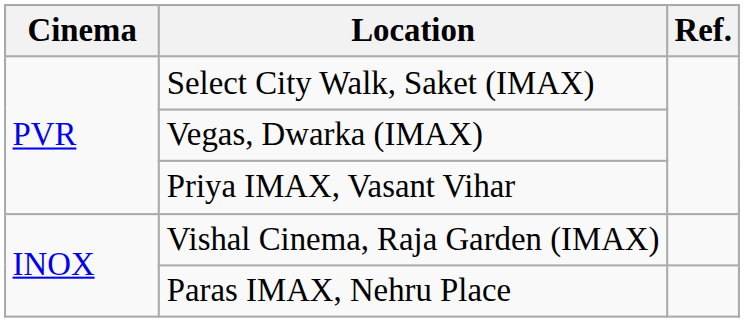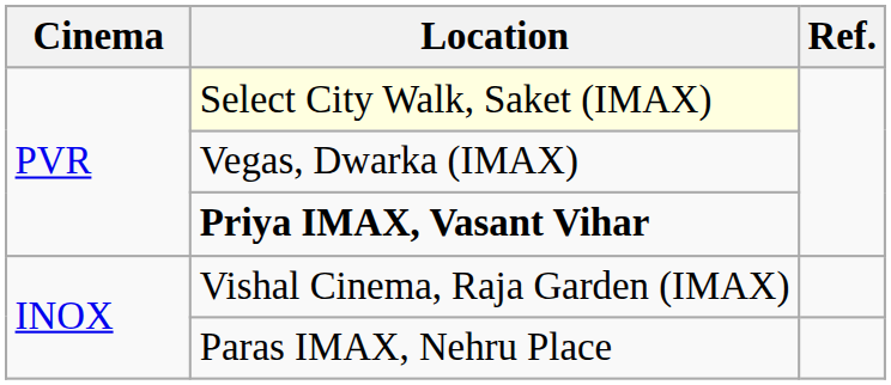 <table class="wikitable">
 <tr>
 <th width="21%">Cinema</th>
 <th>Location</th>
 <th>Ref.</th>
 </tr>
 <tr>
 <td Rowspan="3"><a href='#'>PVR</a></td>
-<td>Select City Walk, Saket (IMAX)</td>
+<td style="background: lightyellow;">Select City Walk, Saket (IMAX)</td>
 <td Rowspan="3"></td>
 </tr>
 <tr>
 <td>Vegas, Dwarka (IMAX)</td>
 </tr>
 <tr>
-<td>Priya IMAX, Vasant Vihar</td>
+<td><strong>Priya IMAX, Vasant Vihar</strong></td>
 </tr>
 <tr>
 <td Rowspan="2"><a href='#'>INOX</a></td>
 <td>Vishal Cinema, Raja Garden (IMAX)</td>
 <td></td>
 </tr>
 <tr>
 <td>Paras IMAX, Nehru Place</td>
 <td></td>
 </tr>
 </table>
